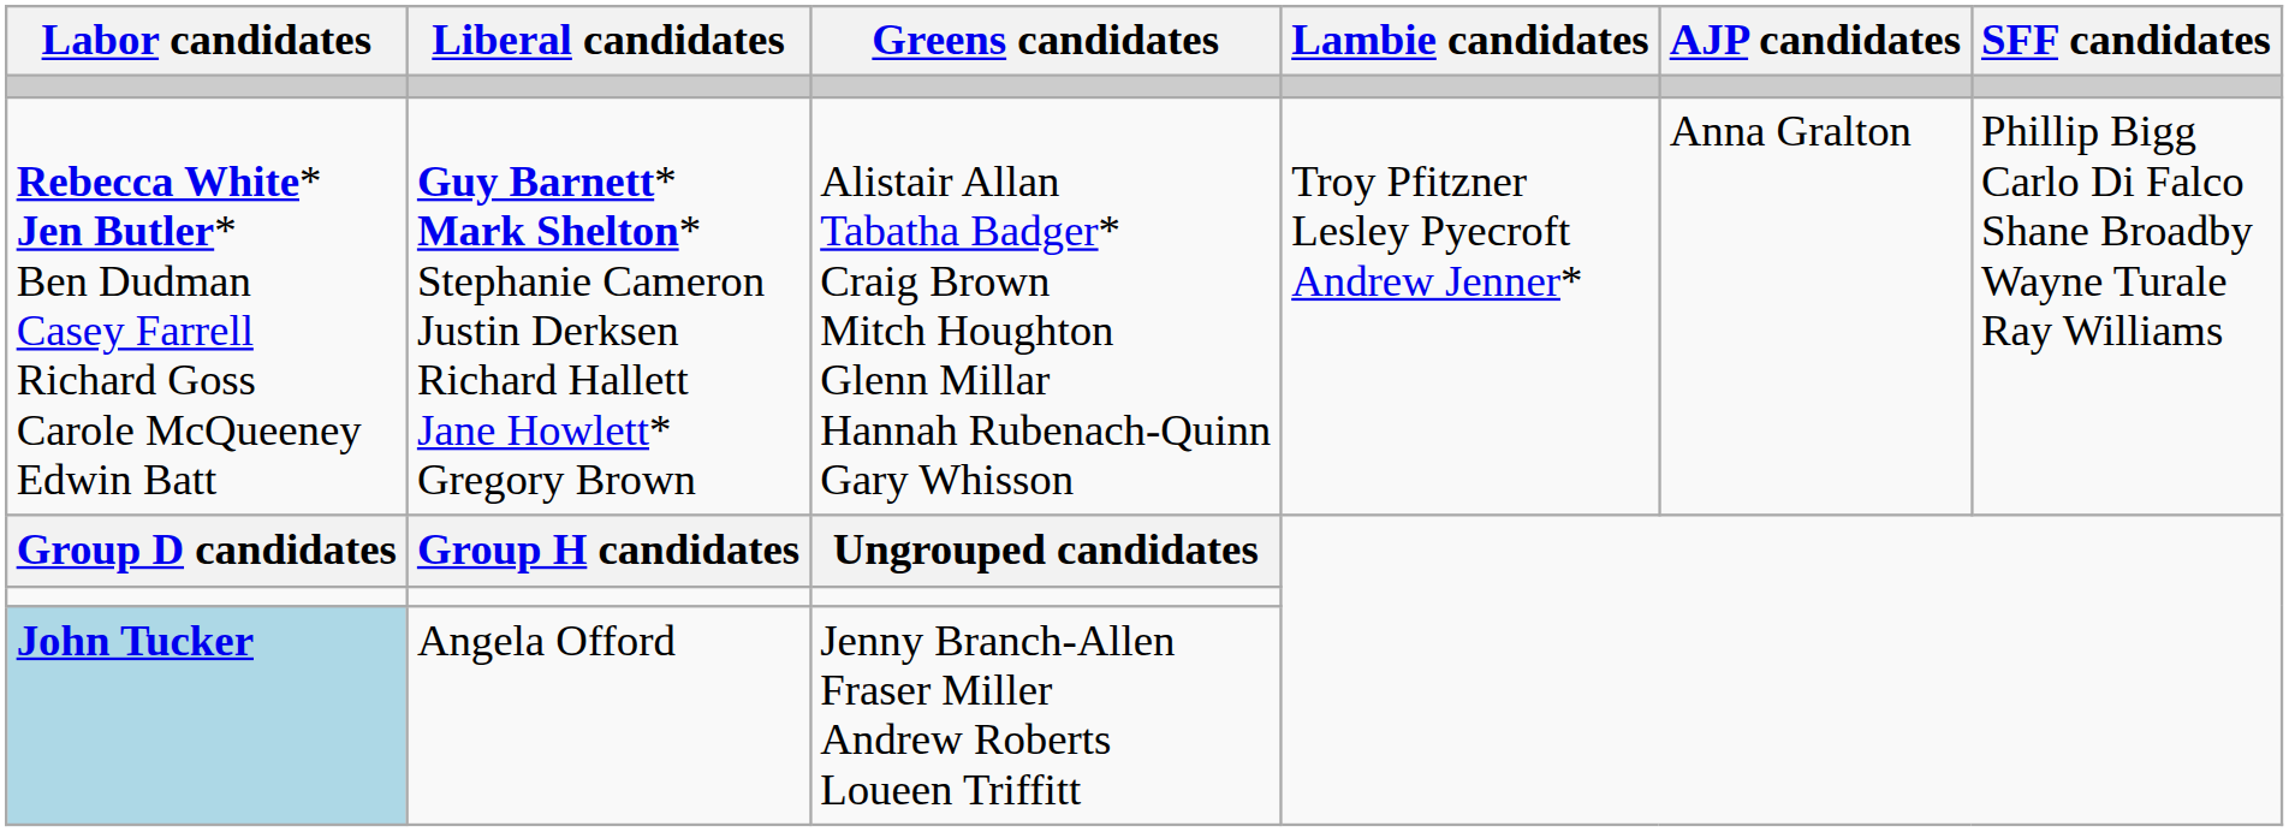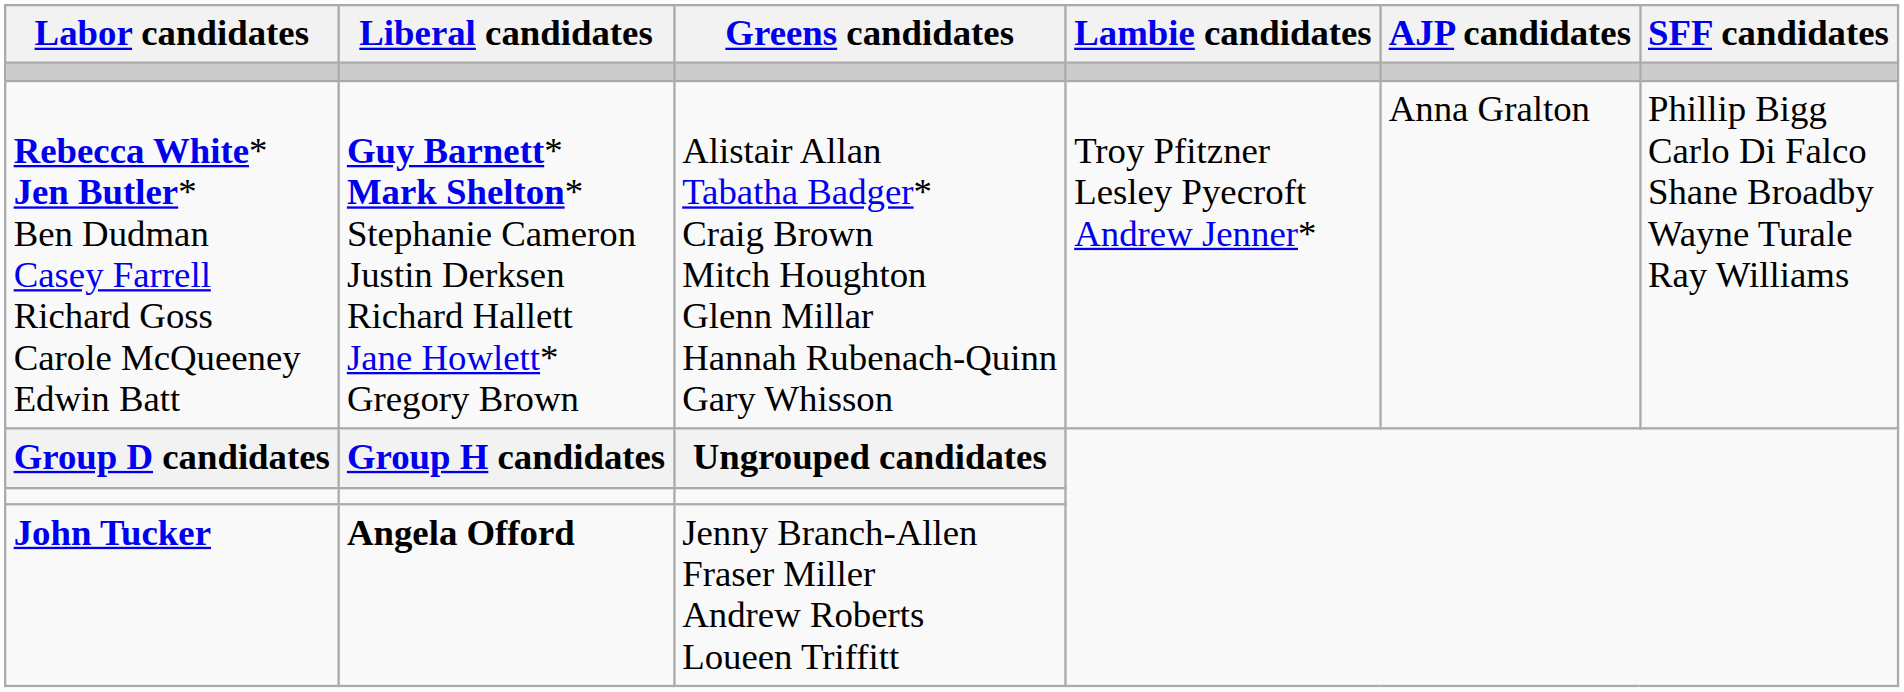 <table class="wikitable">
 <tr>
 <th><a href='#'>Labor</a> candidates</th>
 <th><a href='#'>Liberal</a> candidates</th>
 <th><a href='#'>Greens</a> candidates</th>
 <th><a href='#'>Lambie</a> candidates</th>
 <th><a href='#'>AJP</a> candidates</th>
 <th><a href='#'>SFF</a> candidates</th>
 </tr>
 <tr bgcolor="#cccccc">
 <td></td>
 <td></td>
 <td></td>
 <td></td>
 <td></td>
 <td></td>
 </tr>
 <tr>
 <td valign="top" ><br><strong><a href='#'>Rebecca White</a></strong>* <br>  <strong><a href='#'>Jen Butler</a></strong>* <br>  Ben Dudman <br>  <a href='#'>Casey Farrell</a> <br>  Richard Goss <br>  Carole McQueeney <br>  Edwin Batt</td>
 <td valign="top" ><br><strong><a href='#'>Guy Barnett</a></strong>* <br>  <strong><a href='#'>Mark Shelton</a></strong>* <br>  Stephanie Cameron <br>  Justin Derksen <br>  Richard Hallett <br>  <a href='#'>Jane Howlett</a>* <br>  Gregory Brown</td>
 <td valign="top" ><br>Alistair Allan <br> <a href='#'>Tabatha Badger</a>* <br> Craig Brown <br>  Mitch Houghton <br>  Glenn Millar <br>  Hannah Rubenach-Quinn <br>  Gary Whisson</td>
 <td valign="top" ><br>Troy Pfitzner <br>  Lesley Pyecroft <br>  <a href='#'>Andrew Jenner</a>*</td>
 <td valign="top">Anna Gralton</td>
 <td valign="top">Phillip Bigg <br> Carlo Di Falco <br> Shane Broadby <br> Wayne Turale <br> Ray Williams</td>
 </tr>
 <tr>
 <th><a href='#'>Group D</a> candidates</th>
 <th><a href='#'>Group H</a> candidates</th>
 <th>Ungrouped candidates</th>
 </tr>
 <tr>
 <td></td>
 <td></td>
 <td></td>
 </tr>
 <tr>
-<td valign="top" style="background: lightblue;"><strong><a href='#'>John Tucker</a></strong></td>
-<td valign="top">Angela Offord</td>
+<td valign="top"><strong><a href='#'>John Tucker</a></strong></td>
+<td valign="top"><strong>Angela Offord</strong></td>
 <td valign="top">Jenny Branch-Allen <br> Fraser Miller <br> Andrew Roberts <br> Loueen Triffitt</td>
 </tr>
 </table>
